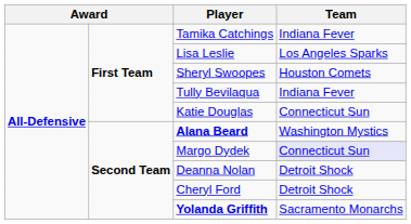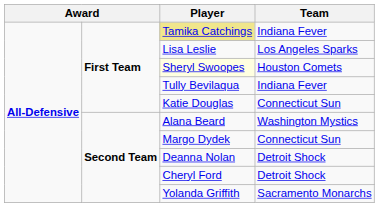 <table class="wikitable">
 <tr>
 <th colspan=2>Award</th>
 <th>Player</th>
 <th>Team</th>
 </tr>
 <tr>
 <td rowspan=10><strong><a href='#'>All-Defensive</a></strong></td>
 <td rowspan=5><strong>First Team</strong></td>
-<td><a href='#'>Tamika Catchings</a></td>
+<td style="background: khaki;"><a href='#'>Tamika Catchings</a></td>
 <td><a href='#'>Indiana Fever</a></td>
 </tr>
 <tr>
 <td><a href='#'>Lisa Leslie</a></td>
 <td><a href='#'>Los Angeles Sparks</a></td>
 </tr>
 <tr>
-<td><a href='#'>Sheryl Swoopes</a></td>
+<td style="background: lightyellow;"><a href='#'>Sheryl Swoopes</a></td>
 <td><a href='#'>Houston Comets</a></td>
 </tr>
 <tr>
 <td><a href='#'>Tully Bevilaqua</a></td>
 <td><a href='#'>Indiana Fever</a></td>
 </tr>
 <tr>
 <td><a href='#'>Katie Douglas</a></td>
 <td><a href='#'>Connecticut Sun</a></td>
 </tr>
 <tr>
 <td rowspan=5><strong>Second Team</strong></td>
-<td><strong><a href='#'>Alana Beard</a></strong></td>
+<td><a href='#'>Alana Beard</a></td>
 <td><a href='#'>Washington Mystics</a></td>
 </tr>
 <tr>
 <td><a href='#'>Margo Dydek</a></td>
-<td style="background: lavender;"><a href='#'>Connecticut Sun</a></td>
+<td><a href='#'>Connecticut Sun</a></td>
 </tr>
 <tr>
 <td><a href='#'>Deanna Nolan</a></td>
 <td><a href='#'>Detroit Shock</a></td>
 </tr>
 <tr>
 <td><a href='#'>Cheryl Ford</a></td>
 <td><a href='#'>Detroit Shock</a></td>
 </tr>
 <tr>
-<td><strong><a href='#'>Yolanda Griffith</a></strong></td>
+<td><a href='#'>Yolanda Griffith</a></td>
 <td><a href='#'>Sacramento Monarchs</a></td>
 </tr>
 </table>
